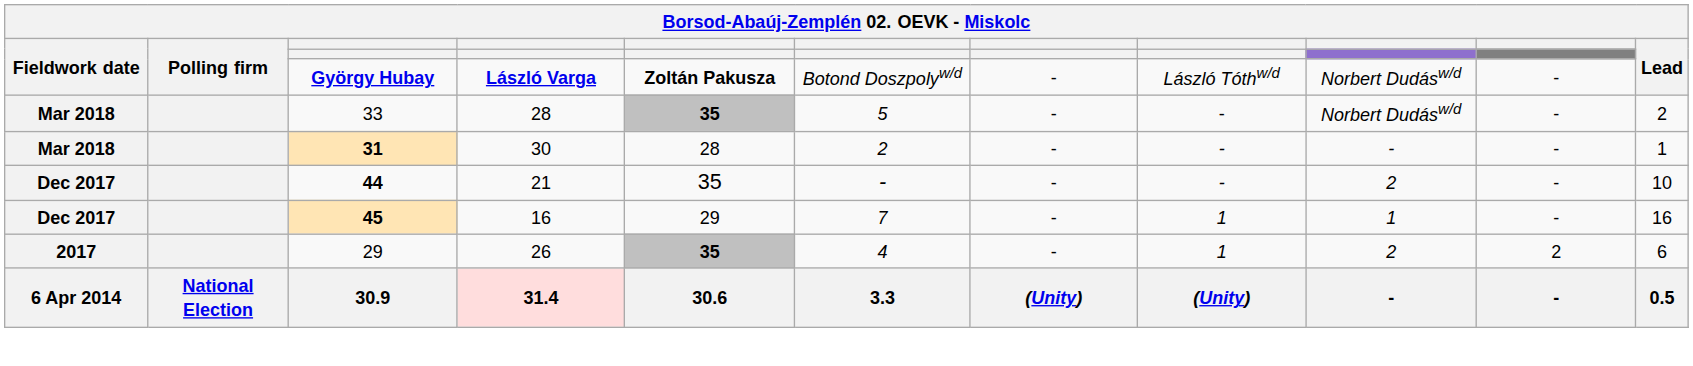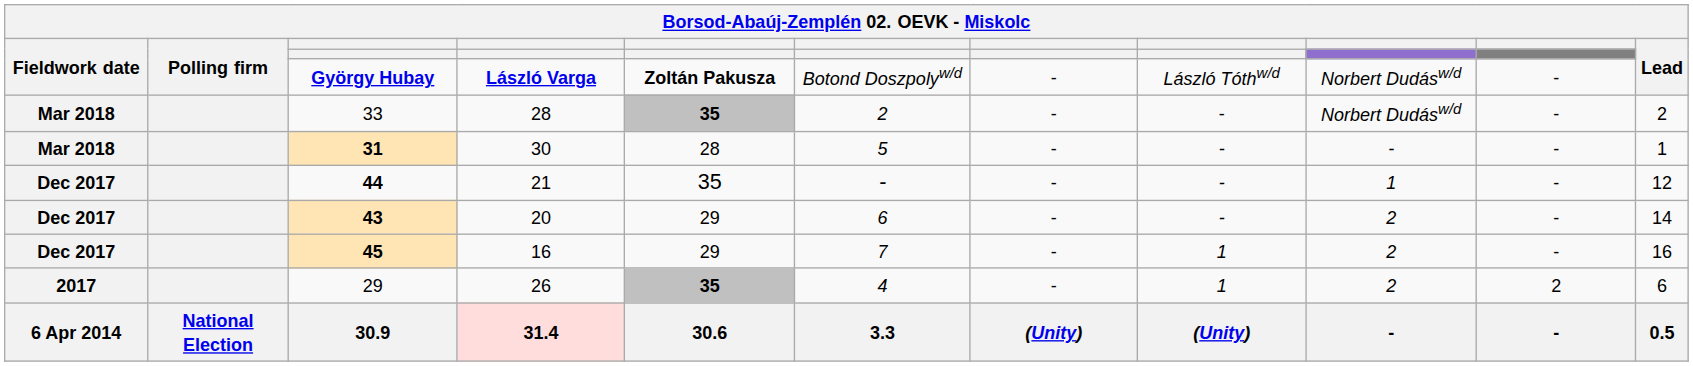 <table class="wikitable mw-collapsible mw-collapsed" style="text-align:center">
 <tr>
 <th colspan="11" style="width: 980pt;"><small><a href='#'>Borsod-Abaúj-Zemplén</a> 02.</small> <small>OEVK - <a href='#'>Miskolc</a></small></th>
 </tr>
 <tr>
 <th rowspan="3" style="width: 80pt;"><small>Fieldwork</small> <small>date</small></th>
 <th rowspan="3" style="width: 80pt;"><strong><small>Polling</small> <small>firm</small></strong></th>
 <th style="width: 100pt;"><small></small></th>
 <th style="width: 100pt;"><small> </small></th>
 <th style="width: 100pt;"></th>
 <th style="width: 100pt;"></th>
 <th style="width: 100pt;"></th>
 <th style="width: 100pt;"></th>
 <th style="width: 100pt;"></th>
 <th style="width: 100pt;"></th>
 <th rowspan="3" style="width: 20pt;"><small>Lead</small></th>
 </tr>
 <tr>
 <th style="color:inherit;background:"></th>
 <th style="color:inherit;background:"></th>
 <th style="color:inherit;background:"></th>
 <th style="color:inherit;background:"></th>
 <th style="color:inherit;background:"></th>
 <th style="color:inherit;background:"></th>
 <th style="color:inherit;background:#8E6FCE;"></th>
 <th style="color:inherit;background:#808080;"></th>
 </tr>
 <tr>
 <td><small><strong><a href='#'>György Hubay</a></strong></small></td>
 <td><small><a href='#'><strong>László Varga</strong></a></small></td>
 <td><small><strong>Zoltán Pakusza</strong></small></td>
 <td><small><em>Botond Doszpoly<sup>w/d</sup></em></small></td>
 <td><small>-</small></td>
 <td><small><em>László Tóth<sup>w/d</sup></em></small></td>
 <td><small><em>Norbert Dudás<sup>w/d</sup></em></small></td>
 <td><small>-</small></td>
 </tr>
 <tr>
 <th><small>Mar 2018</small></th>
 <th></th>
 <td><small>33</small></td>
 <td><small>28</small></td>
 <td style="background:#C0C0C0"><strong><small>35</small></strong></td>
-<td><small><em>5</em></small></td>
+<td><small><em>2</em></small></td>
 <td><small>-</small></td>
 <td><small>-</small></td>
 <td><small><em>Norbert Dudás<sup>w/d</sup></em></small></td>
 <td><small>-</small></td>
 <td style="background:"><small>2</small></td>
 </tr>
 <tr>
 <th><small>Mar 2018</small></th>
 <th><small></small></th>
 <td style="background:#FFE5B4"><small><strong>31</strong></small></td>
 <td><small>30</small></td>
 <td><small>28</small></td>
-<td><small><em>2</em></small></td>
+<td><small><em>5</em></small></td>
 <td><small>-</small></td>
 <td><small><em>-</em></small></td>
 <td><small><em>-</em></small></td>
 <td><small>-</small></td>
 <td style="background:"><small>1</small></td>
 </tr>
 <tr>
 <th><small>Dec 2017</small></th>
 <th><small></small></th>
 <td><small><strong>44</strong></small></td>
 <td><small>21</small></td>
 <td>35</td>
 <td><em>-</em></td>
 <td><small>-</small></td>
 <td><small><em>-</em></small></td>
+<td><small><em>1</em></small></td>
+<td><small>-</small></td>
+<td><small>12</small></td>
+</tr>
+<tr>
+<th><small>Dec 2017</small></th>
+<th><small></small></th>
+<td style="background:#FFE5B4"><small><strong>43</strong></small></td>
+<td><small>20</small></td>
+<td><small>29</small></td>
+<td><small><em>6</em></small></td>
+<td><small>-</small></td>
+<td><small><em>-</em></small></td>
 <td><small><em>2</em></small></td>
 <td><small>-</small></td>
-<td><small>10</small></td>
+<td style="background:"><small>14</small></td>
 </tr>
 <tr>
 <th><small>Dec 2017</small></th>
 <th><small></small></th>
 <td style="background:#FFE5B4"><small><strong>45</strong></small></td>
 <td><small>16</small></td>
 <td><small>29</small></td>
 <td><small><em>7</em></small></td>
 <td><small>-</small></td>
 <td><small><em>1</em></small></td>
-<td><small><em>1</em></small></td>
+<td><small><em>2</em></small></td>
 <td><small>-</small></td>
 <td style="background:"><small>16</small></td>
 </tr>
 <tr>
 <th><small>2017</small></th>
 <th><small></small></th>
 <td><small>29</small></td>
 <td><small>26</small></td>
 <td style="background:#C0C0C0"><strong><small>35</small></strong></td>
 <td><small><em>4</em></small></td>
 <td><small>-</small></td>
 <td><small><em>1</em></small></td>
 <td><small><em>2</em></small></td>
 <td><small>2</small></td>
 <td style="background:"><small>6</small></td>
 </tr>
 <tr>
 <th><small>6 Apr 2014</small></th>
 <th><a href='#'><small>National Election</small></a></th>
 <th><small>30.9</small></th>
 <th style="background:#FFDDDD"><small>31.4</small></th>
 <th><small>30.6</small></th>
 <th><small>3.3</small></th>
 <th><small><em>(<a href='#'>Unity</a>)</em></small></th>
 <th><small><em>(<a href='#'>Unity</a>)</em></small></th>
 <th><small>-</small></th>
 <th><small>-</small></th>
 <th style="background:"><small>0.5</small></th>
 </tr>
 </table>
